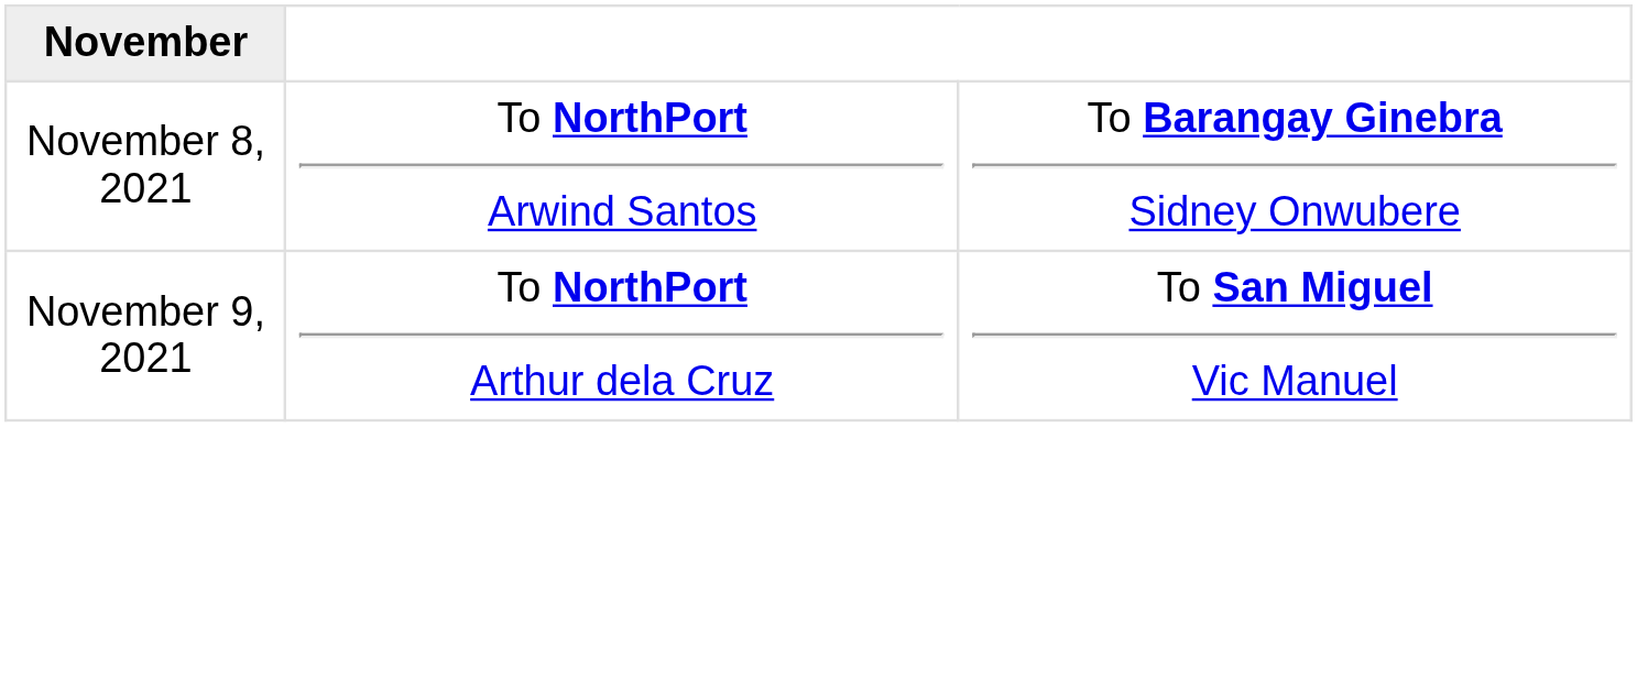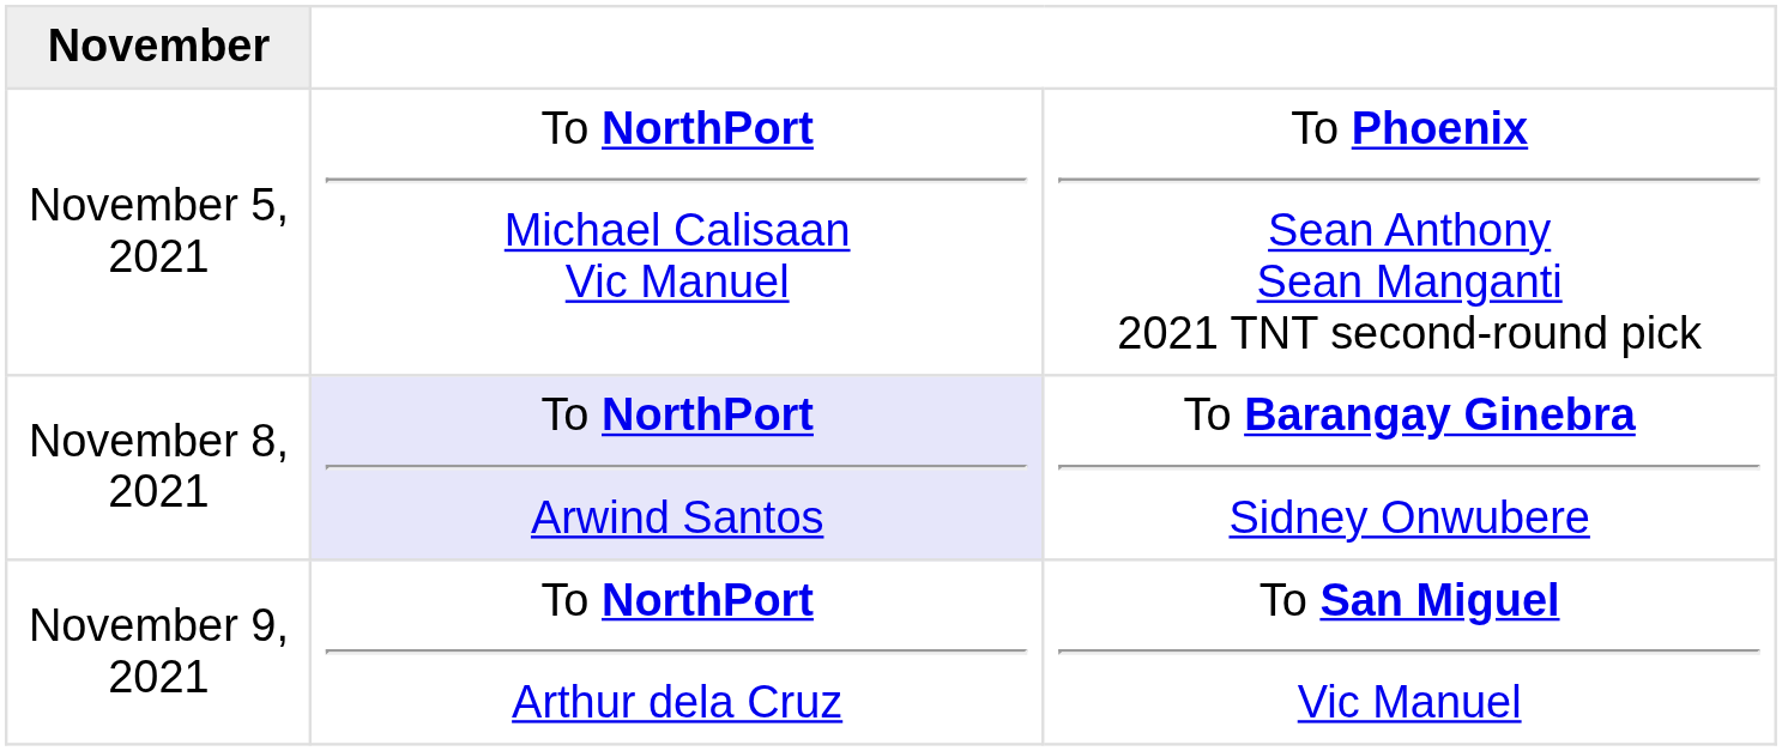 <table border=1 style="border-collapse:collapse; text-align: center; width: 100%" bordercolor="#DFDFDF"  cellpadding="5">
 <tr bgcolor="eeeeee">
 <th>November</th>
 </tr>
 <tr>
+<td style="width:12%">November 5, 2021</td>
+<td style="width:33.3%" valign="top">To <strong><a href='#'>NorthPort</a></strong><hr><a href='#'>Michael Calisaan</a><br><a href='#'>Vic Manuel</a></td>
+<td style="width:33.3%" valign="top">To <strong><a href='#'>Phoenix</a></strong><hr><a href='#'>Sean Anthony</a><br><a href='#'>Sean Manganti</a><br>2021 TNT second-round pick</td>
+</tr>
+<tr>
 <td style="width:12%">November 8, 2021</td>
-<td style="width:33.3%" valign="top">To <strong><a href='#'>NorthPort</a></strong><hr><a href='#'>Arwind Santos</a></td>
+<td style="background: lavender; width:33.3%" valign="top">To <strong><a href='#'>NorthPort</a></strong><hr><a href='#'>Arwind Santos</a></td>
 <td style="width:33.3%" valign="top">To <strong><a href='#'>Barangay Ginebra</a></strong><hr><a href='#'>Sidney Onwubere</a></td>
 </tr>
 <tr>
 <td style="width:12%">November 9, 2021</td>
 <td style="width:33.3%" valign="top">To <strong><a href='#'>NorthPort</a></strong><hr><a href='#'>Arthur dela Cruz</a></td>
 <td style="width:33.3%" valign="top">To <strong><a href='#'>San Miguel</a></strong><hr><a href='#'>Vic Manuel</a></td>
 </tr>
 </table>
